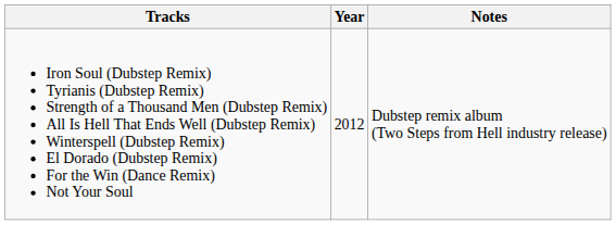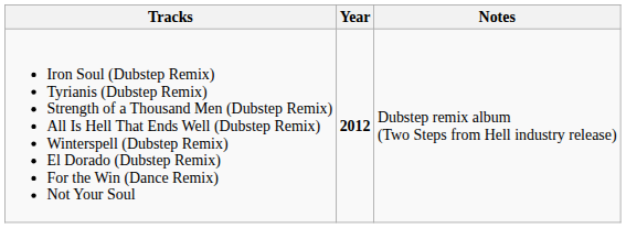 <table class="wikitable sortable">
 <tr>
 <th>Tracks</th>
 <th>Year</th>
 <th>Notes</th>
 </tr>
 <tr>
 <td><br><ul><li>Iron Soul (Dubstep Remix)</li><li>Tyrianis (Dubstep Remix)</li><li>Strength of a Thousand Men (Dubstep Remix)</li><li>All Is Hell That Ends Well (Dubstep Remix)</li><li>Winterspell (Dubstep Remix)</li><li>El Dorado (Dubstep Remix)</li><li>For the Win (Dance Remix)</li><li>Not Your Soul</li></ul></td>
-<td>2012</td>
+<td><strong>2012</strong></td>
 <td>Dubstep remix album<br>(Two Steps from Hell industry release)</td>
 </tr>
 </table>
